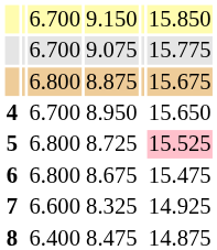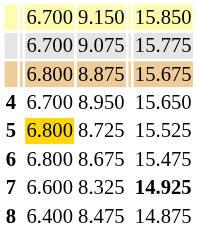 <table>
 <tr bgcolor=fffcaf>
 <td></td>
 <td align=left></td>
 <td>6.700</td>
 <td>9.150</td>
 <td></td>
 <td>15.850</td>
 </tr>
 <tr bgcolor=e5e5e5>
 <td></td>
 <td align=left></td>
 <td>6.700</td>
 <td>9.075</td>
 <td></td>
 <td>15.775</td>
 </tr>
 <tr bgcolor=eecc99>
 <td></td>
 <td align=left></td>
 <td>6.800</td>
 <td>8.875</td>
 <td></td>
 <td>15.675</td>
 </tr>
 <tr>
 <th>4</th>
 <td align=left></td>
 <td>6.700</td>
 <td>8.950</td>
 <td></td>
 <td>15.650</td>
 </tr>
 <tr>
 <th>5</th>
 <td align=left></td>
-<td>6.800</td>
+<td style="background: gold;">6.800</td>
 <td>8.725</td>
 <td></td>
-<td style="background: pink;">15.525</td>
+<td>15.525</td>
 </tr>
 <tr>
 <th>6</th>
 <td align=left></td>
 <td>6.800</td>
 <td>8.675</td>
 <td></td>
 <td>15.475</td>
 </tr>
 <tr>
 <th>7</th>
 <td align=left></td>
 <td>6.600</td>
 <td>8.325</td>
 <td></td>
-<td>14.925</td>
+<td><strong>14.925</strong></td>
 </tr>
 <tr>
 <th>8</th>
 <td align=left></td>
 <td>6.400</td>
 <td>8.475</td>
 <td></td>
 <td>14.875</td>
 </tr>
 <tr>
 </tr>
 </table>
